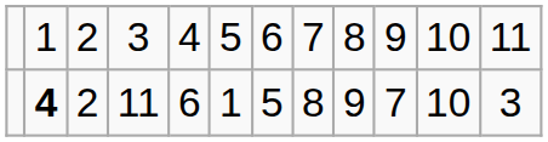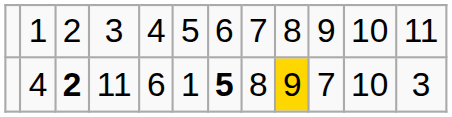 <table class="wikitable" style="margin-left: auto; margin-right: auto; border: none; text-align: center;">
 <tr>
 <td></td>
 <td>1</td>
 <td>2</td>
 <td>3</td>
 <td>4</td>
 <td>5</td>
 <td>6</td>
 <td>7</td>
 <td>8</td>
 <td>9</td>
 <td>10</td>
 <td>11</td>
 </tr>
 <tr>
 <td></td>
-<td><strong>4</strong></td>
-<td>2</td>
+<td>4</td>
+<td><strong>2</strong></td>
 <td>11</td>
 <td>6</td>
 <td>1</td>
-<td>5</td>
+<td><strong>5</strong></td>
 <td>8</td>
-<td>9</td>
+<td style="background: gold;">9</td>
 <td>7</td>
 <td>10</td>
 <td>3</td>
 </tr>
 </table>
